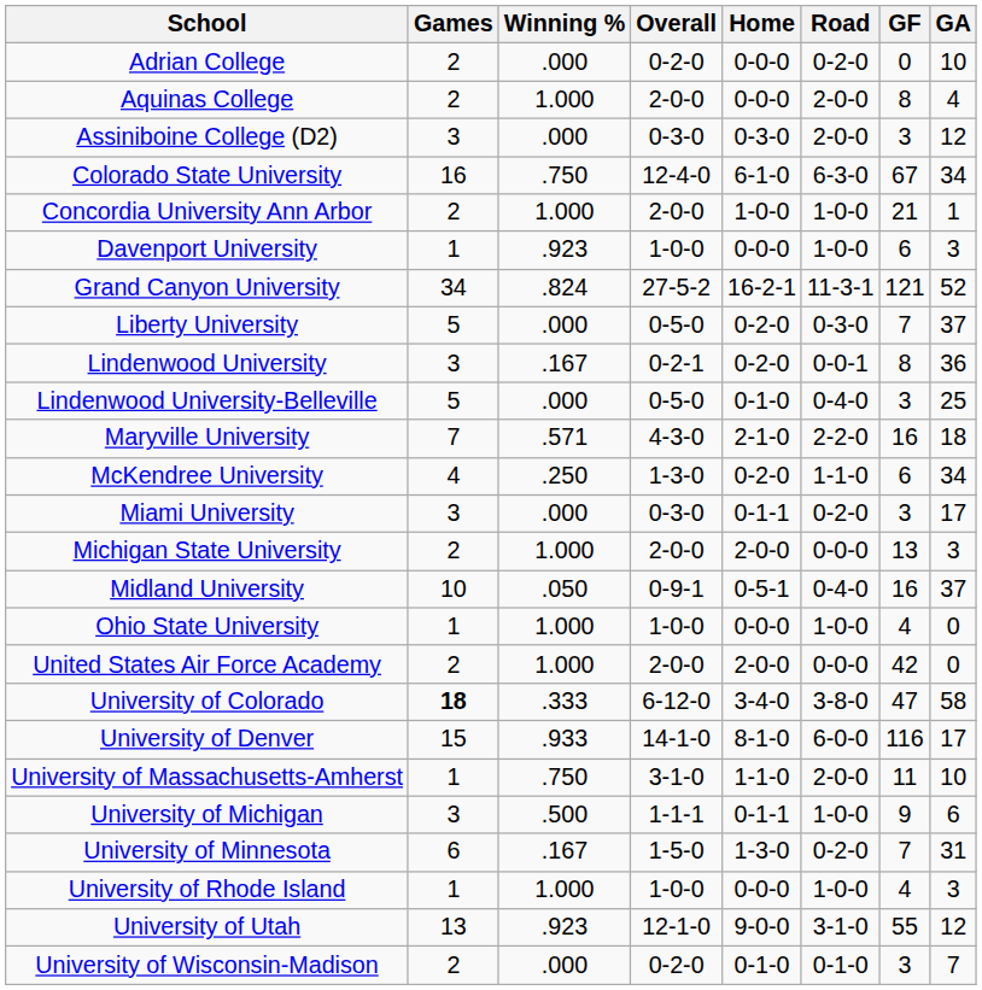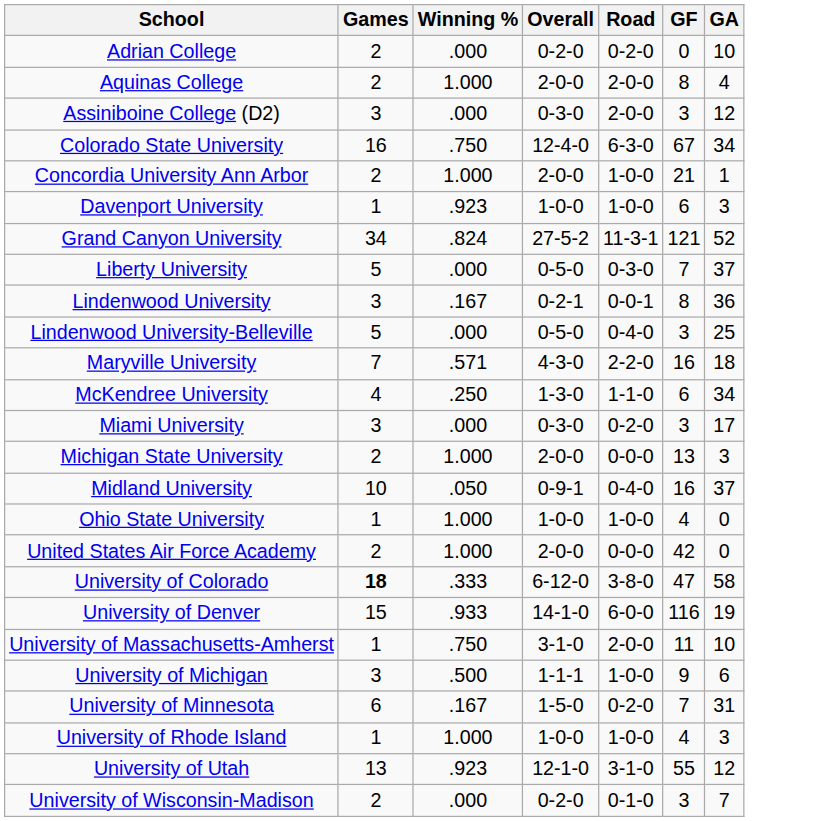 <table class="wikitable sortable">
 <tr>
 <th>School</th>
 <th>Games</th>
 <th>Winning %</th>
 <th>Overall</th>
-<th>Home</th>
 <th>Road</th>
 <th>GF</th>
 <th>GA</th>
 </tr>
 <tr align="center" bgcolor="">
 <td><a href='#'>Adrian College</a></td>
 <td>2</td>
 <td>.000</td>
 <td>0-2-0</td>
-<td>0-0-0</td>
 <td>0-2-0</td>
 <td>0</td>
 <td>10</td>
 </tr>
 <tr align="center" bgcolor="">
 <td><a href='#'>Aquinas College</a></td>
 <td>2</td>
 <td>1.000</td>
 <td>2-0-0</td>
-<td>0-0-0</td>
 <td>2-0-0</td>
 <td>8</td>
 <td>4</td>
 </tr>
 <tr align="center" bgcolor="">
 <td><a href='#'>Assiniboine College</a> (D2)</td>
 <td>3</td>
 <td>.000</td>
-<td>0-3-0</td>
 <td>0-3-0</td>
 <td>2-0-0</td>
 <td>3</td>
 <td>12</td>
 </tr>
 <tr align="center" bgcolor="">
 <td><a href='#'>Colorado State University</a></td>
 <td>16</td>
 <td>.750</td>
 <td>12-4-0</td>
-<td>6-1-0</td>
 <td>6-3-0</td>
 <td>67</td>
 <td>34</td>
 </tr>
 <tr align="center" bgcolor="">
 <td><a href='#'>Concordia University Ann Arbor</a></td>
 <td>2</td>
 <td>1.000</td>
 <td>2-0-0</td>
 <td>1-0-0</td>
-<td>1-0-0</td>
 <td>21</td>
 <td>1</td>
 </tr>
 <tr align="center" bgcolor="">
 <td><a href='#'>Davenport University</a></td>
 <td>1</td>
 <td>.923</td>
 <td>1-0-0</td>
-<td>0-0-0</td>
 <td>1-0-0</td>
 <td>6</td>
 <td>3</td>
 </tr>
 <tr align="center" bgcolor="">
 <td><a href='#'>Grand Canyon University</a></td>
 <td>34</td>
 <td>.824</td>
 <td>27-5-2</td>
-<td>16-2-1</td>
 <td>11-3-1</td>
 <td>121</td>
 <td>52</td>
 </tr>
 <tr align="center" bgcolor="">
 <td><a href='#'>Liberty University</a></td>
 <td>5</td>
 <td>.000</td>
 <td>0-5-0</td>
-<td>0-2-0</td>
 <td>0-3-0</td>
 <td>7</td>
 <td>37</td>
 </tr>
 <tr align="center" bgcolor="">
 <td><a href='#'>Lindenwood University</a></td>
 <td>3</td>
 <td>.167</td>
 <td>0-2-1</td>
-<td>0-2-0</td>
 <td>0-0-1</td>
 <td>8</td>
 <td>36</td>
 </tr>
 <tr align="center" bgcolor="">
 <td><a href='#'>Lindenwood University-Belleville</a></td>
 <td>5</td>
 <td>.000</td>
 <td>0-5-0</td>
-<td>0-1-0</td>
 <td>0-4-0</td>
 <td>3</td>
 <td>25</td>
 </tr>
 <tr align="center" bgcolor="">
 <td><a href='#'>Maryville University</a></td>
 <td>7</td>
 <td>.571</td>
 <td>4-3-0</td>
-<td>2-1-0</td>
 <td>2-2-0</td>
 <td>16</td>
 <td>18</td>
 </tr>
 <tr align="center" bgcolor="">
 <td><a href='#'>McKendree University</a></td>
 <td>4</td>
 <td>.250</td>
 <td>1-3-0</td>
-<td>0-2-0</td>
 <td>1-1-0</td>
 <td>6</td>
 <td>34</td>
 </tr>
 <tr align="center" bgcolor="">
 <td><a href='#'>Miami University</a></td>
 <td>3</td>
 <td>.000</td>
 <td>0-3-0</td>
-<td>0-1-1</td>
 <td>0-2-0</td>
 <td>3</td>
 <td>17</td>
 </tr>
 <tr align="center" bgcolor="">
 <td><a href='#'>Michigan State University</a></td>
 <td>2</td>
 <td>1.000</td>
-<td>2-0-0</td>
 <td>2-0-0</td>
 <td>0-0-0</td>
 <td>13</td>
 <td>3</td>
 </tr>
 <tr align="center" bgcolor="">
 <td><a href='#'>Midland University</a></td>
 <td>10</td>
 <td>.050</td>
 <td>0-9-1</td>
-<td>0-5-1</td>
 <td>0-4-0</td>
 <td>16</td>
 <td>37</td>
 </tr>
 <tr align="center" bgcolor="">
 <td><a href='#'>Ohio State University</a></td>
 <td>1</td>
 <td>1.000</td>
 <td>1-0-0</td>
-<td>0-0-0</td>
 <td>1-0-0</td>
 <td>4</td>
 <td>0</td>
 </tr>
 <tr align="center" bgcolor="">
 <td><a href='#'>United States Air Force Academy</a></td>
 <td>2</td>
 <td>1.000</td>
-<td>2-0-0</td>
 <td>2-0-0</td>
 <td>0-0-0</td>
 <td>42</td>
 <td>0</td>
 </tr>
 <tr align="center" bgcolor="">
 <td><a href='#'>University of Colorado</a></td>
 <td><strong>18</strong></td>
 <td>.333</td>
 <td>6-12-0</td>
-<td>3-4-0</td>
 <td>3-8-0</td>
 <td>47</td>
 <td>58</td>
 </tr>
 <tr align="center" bgcolor="">
 <td><a href='#'>University of Denver</a></td>
 <td>15</td>
 <td>.933</td>
 <td>14-1-0</td>
-<td>8-1-0</td>
 <td>6-0-0</td>
 <td>116</td>
-<td>17</td>
+<td>19</td>
 </tr>
 <tr align="center" bgcolor="">
 <td><a href='#'>University of Massachusetts-Amherst</a></td>
 <td>1</td>
 <td>.750</td>
 <td>3-1-0</td>
-<td>1-1-0</td>
 <td>2-0-0</td>
 <td>11</td>
 <td>10</td>
 </tr>
 <tr align="center" bgcolor="">
 <td><a href='#'>University of Michigan</a></td>
 <td>3</td>
 <td>.500</td>
 <td>1-1-1</td>
-<td>0-1-1</td>
 <td>1-0-0</td>
 <td>9</td>
 <td>6</td>
 </tr>
 <tr align="center" bgcolor="">
 <td><a href='#'>University of Minnesota</a></td>
 <td>6</td>
 <td>.167</td>
 <td>1-5-0</td>
-<td>1-3-0</td>
 <td>0-2-0</td>
 <td>7</td>
 <td>31</td>
 </tr>
 <tr align="center" bgcolor="">
 <td><a href='#'>University of Rhode Island</a></td>
 <td>1</td>
 <td>1.000</td>
 <td>1-0-0</td>
-<td>0-0-0</td>
 <td>1-0-0</td>
 <td>4</td>
 <td>3</td>
 </tr>
 <tr align="center" bgcolor="">
 <td><a href='#'>University of Utah</a></td>
 <td>13</td>
 <td>.923</td>
 <td>12-1-0</td>
-<td>9-0-0</td>
 <td>3-1-0</td>
 <td>55</td>
 <td>12</td>
 </tr>
 <tr align="center" bgcolor="">
 <td><a href='#'>University of Wisconsin-Madison</a></td>
 <td>2</td>
 <td>.000</td>
 <td>0-2-0</td>
 <td>0-1-0</td>
-<td>0-1-0</td>
 <td>3</td>
 <td>7</td>
 </tr>
 </table>
